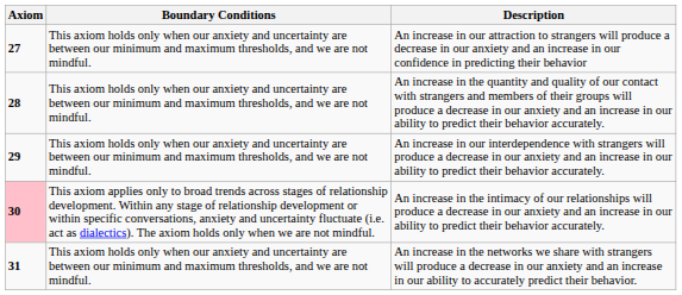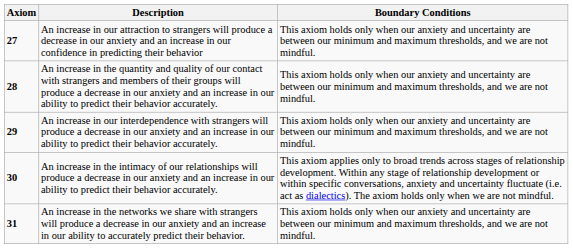 <table class="wikitable">
 <tr>
 <th>Axiom</th>
+<th>Description</th>
 <th>Boundary Conditions</th>
-<th>Description</th>
 </tr>
 <tr>
 <td><strong>27</strong></td>
+<td>An increase in our attraction to strangers will produce a decrease in our anxiety and an increase in our confidence in predicting their behavior</td>
 <td>This axiom holds only when our anxiety and uncertainty are between our minimum and maximum thresholds, and we are not mindful.</td>
-<td>An increase in our attraction to strangers will produce a decrease in our anxiety and an increase in our confidence in predicting their behavior</td>
 </tr>
 <tr>
 <td><strong>28</strong></td>
+<td>An increase in the quantity and quality of our contact with strangers and members of their groups will produce a decrease in our anxiety and an increase in our ability to predict their behavior accurately.</td>
 <td>This axiom holds only when our anxiety and uncertainty are between our minimum and maximum thresholds, and we are not mindful.</td>
-<td>An increase in the quantity and quality of our contact with strangers and members of their groups will produce a decrease in our anxiety and an increase in our ability to predict their behavior accurately.</td>
 </tr>
 <tr>
 <td><strong>29</strong></td>
+<td>An increase in our interdependence with strangers will produce a decrease in our anxiety and an increase in our ability to predict their behavior accurately.</td>
 <td>This axiom holds only when our anxiety and uncertainty are between our minimum and maximum thresholds, and we are not mindful.</td>
-<td>An increase in our interdependence with strangers will produce a decrease in our anxiety and an increase in our ability to predict their behavior accurately.</td>
 </tr>
 <tr>
-<td style="background: pink;"><strong>30</strong></td>
+<td><strong>30</strong></td>
+<td>An increase in the intimacy of our relationships will produce a decrease in our anxiety and an increase in our ability to predict their behavior accurately.</td>
 <td>This axiom applies only to broad trends across stages of relationship development. Within any stage of relationship development or within specific conversations, anxiety and uncertainty fluctuate (i.e. act as <a href='#'>dialectics</a>). The axiom holds only when we are not mindful.</td>
-<td>An increase in the intimacy of our relationships will produce a decrease in our anxiety and an increase in our ability to predict their behavior accurately.</td>
 </tr>
 <tr>
 <td><strong>31</strong></td>
+<td>An increase in the networks we share with strangers will produce a decrease in our anxiety and an increase in our ability to accurately predict their behavior.</td>
 <td>This axiom holds only when our anxiety and uncertainty are between our minimum and maximum thresholds, and we are not mindful.</td>
-<td>An increase in the networks we share with strangers will produce a decrease in our anxiety and an increase in our ability to accurately predict their behavior.</td>
 </tr>
 </table>
